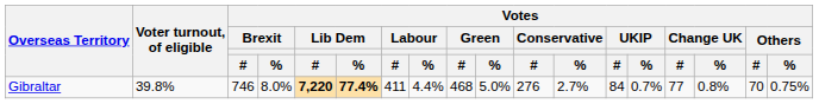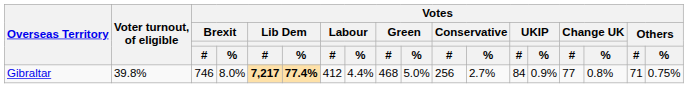 <table class="wikitable sortable">
 <tr>
 <th rowspan="4"><a href='#'>Overseas Territory</a></th>
 <th rowspan="4">Voter turnout,<br>of eligible</th>
 <th colspan="16">Votes</th>
 </tr>
 <tr>
 <th colspan="2">Brexit</th>
 <th colspan="2">Lib Dem</th>
 <th colspan="2">Labour</th>
 <th colspan="2">Green</th>
 <th colspan="2">Conservative</th>
 <th colspan="2">UKIP</th>
 <th colspan="2">Change UK</th>
 <th colspan="2" rowspan="2">Others</th>
 </tr>
 <tr>
 <th colspan="2" style="background:"></th>
 <th colspan="2" style="background:"></th>
 <th colspan="2" style="background:"></th>
 <th colspan="2" style="background:"></th>
 <th colspan="2" style="background:"></th>
 <th colspan="2" style="background:"></th>
 <th colspan="2" style="background:"></th>
 </tr>
 <tr>
 <th>#</th>
 <th>%</th>
 <th>#</th>
 <th>%</th>
 <th>#</th>
 <th>%</th>
 <th>#</th>
 <th>%</th>
 <th>#</th>
 <th>%</th>
 <th>#</th>
 <th>%</th>
 <th>#</th>
 <th>%</th>
 <th>#</th>
 <th>%</th>
 </tr>
 <tr>
 <td><a href='#'>Gibraltar</a></td>
 <td>39.8%</td>
 <td>746</td>
 <td>8.0%</td>
-<td style="background:#FEE1A8"><strong>7,220</strong></td>
+<td style="background:#FEE1A8"><strong>7,217</strong></td>
 <td style="background:#FEE1A8"><strong>77.4%</strong></td>
-<td>411</td>
+<td>412</td>
 <td>4.4%</td>
 <td>468</td>
 <td>5.0%</td>
-<td>276</td>
+<td>256</td>
 <td>2.7%</td>
 <td>84</td>
-<td>0.7%</td>
+<td>0.9%</td>
 <td>77</td>
 <td>0.8%</td>
-<td>70</td>
+<td>71</td>
 <td>0.75%</td>
 </tr>
 </table>
